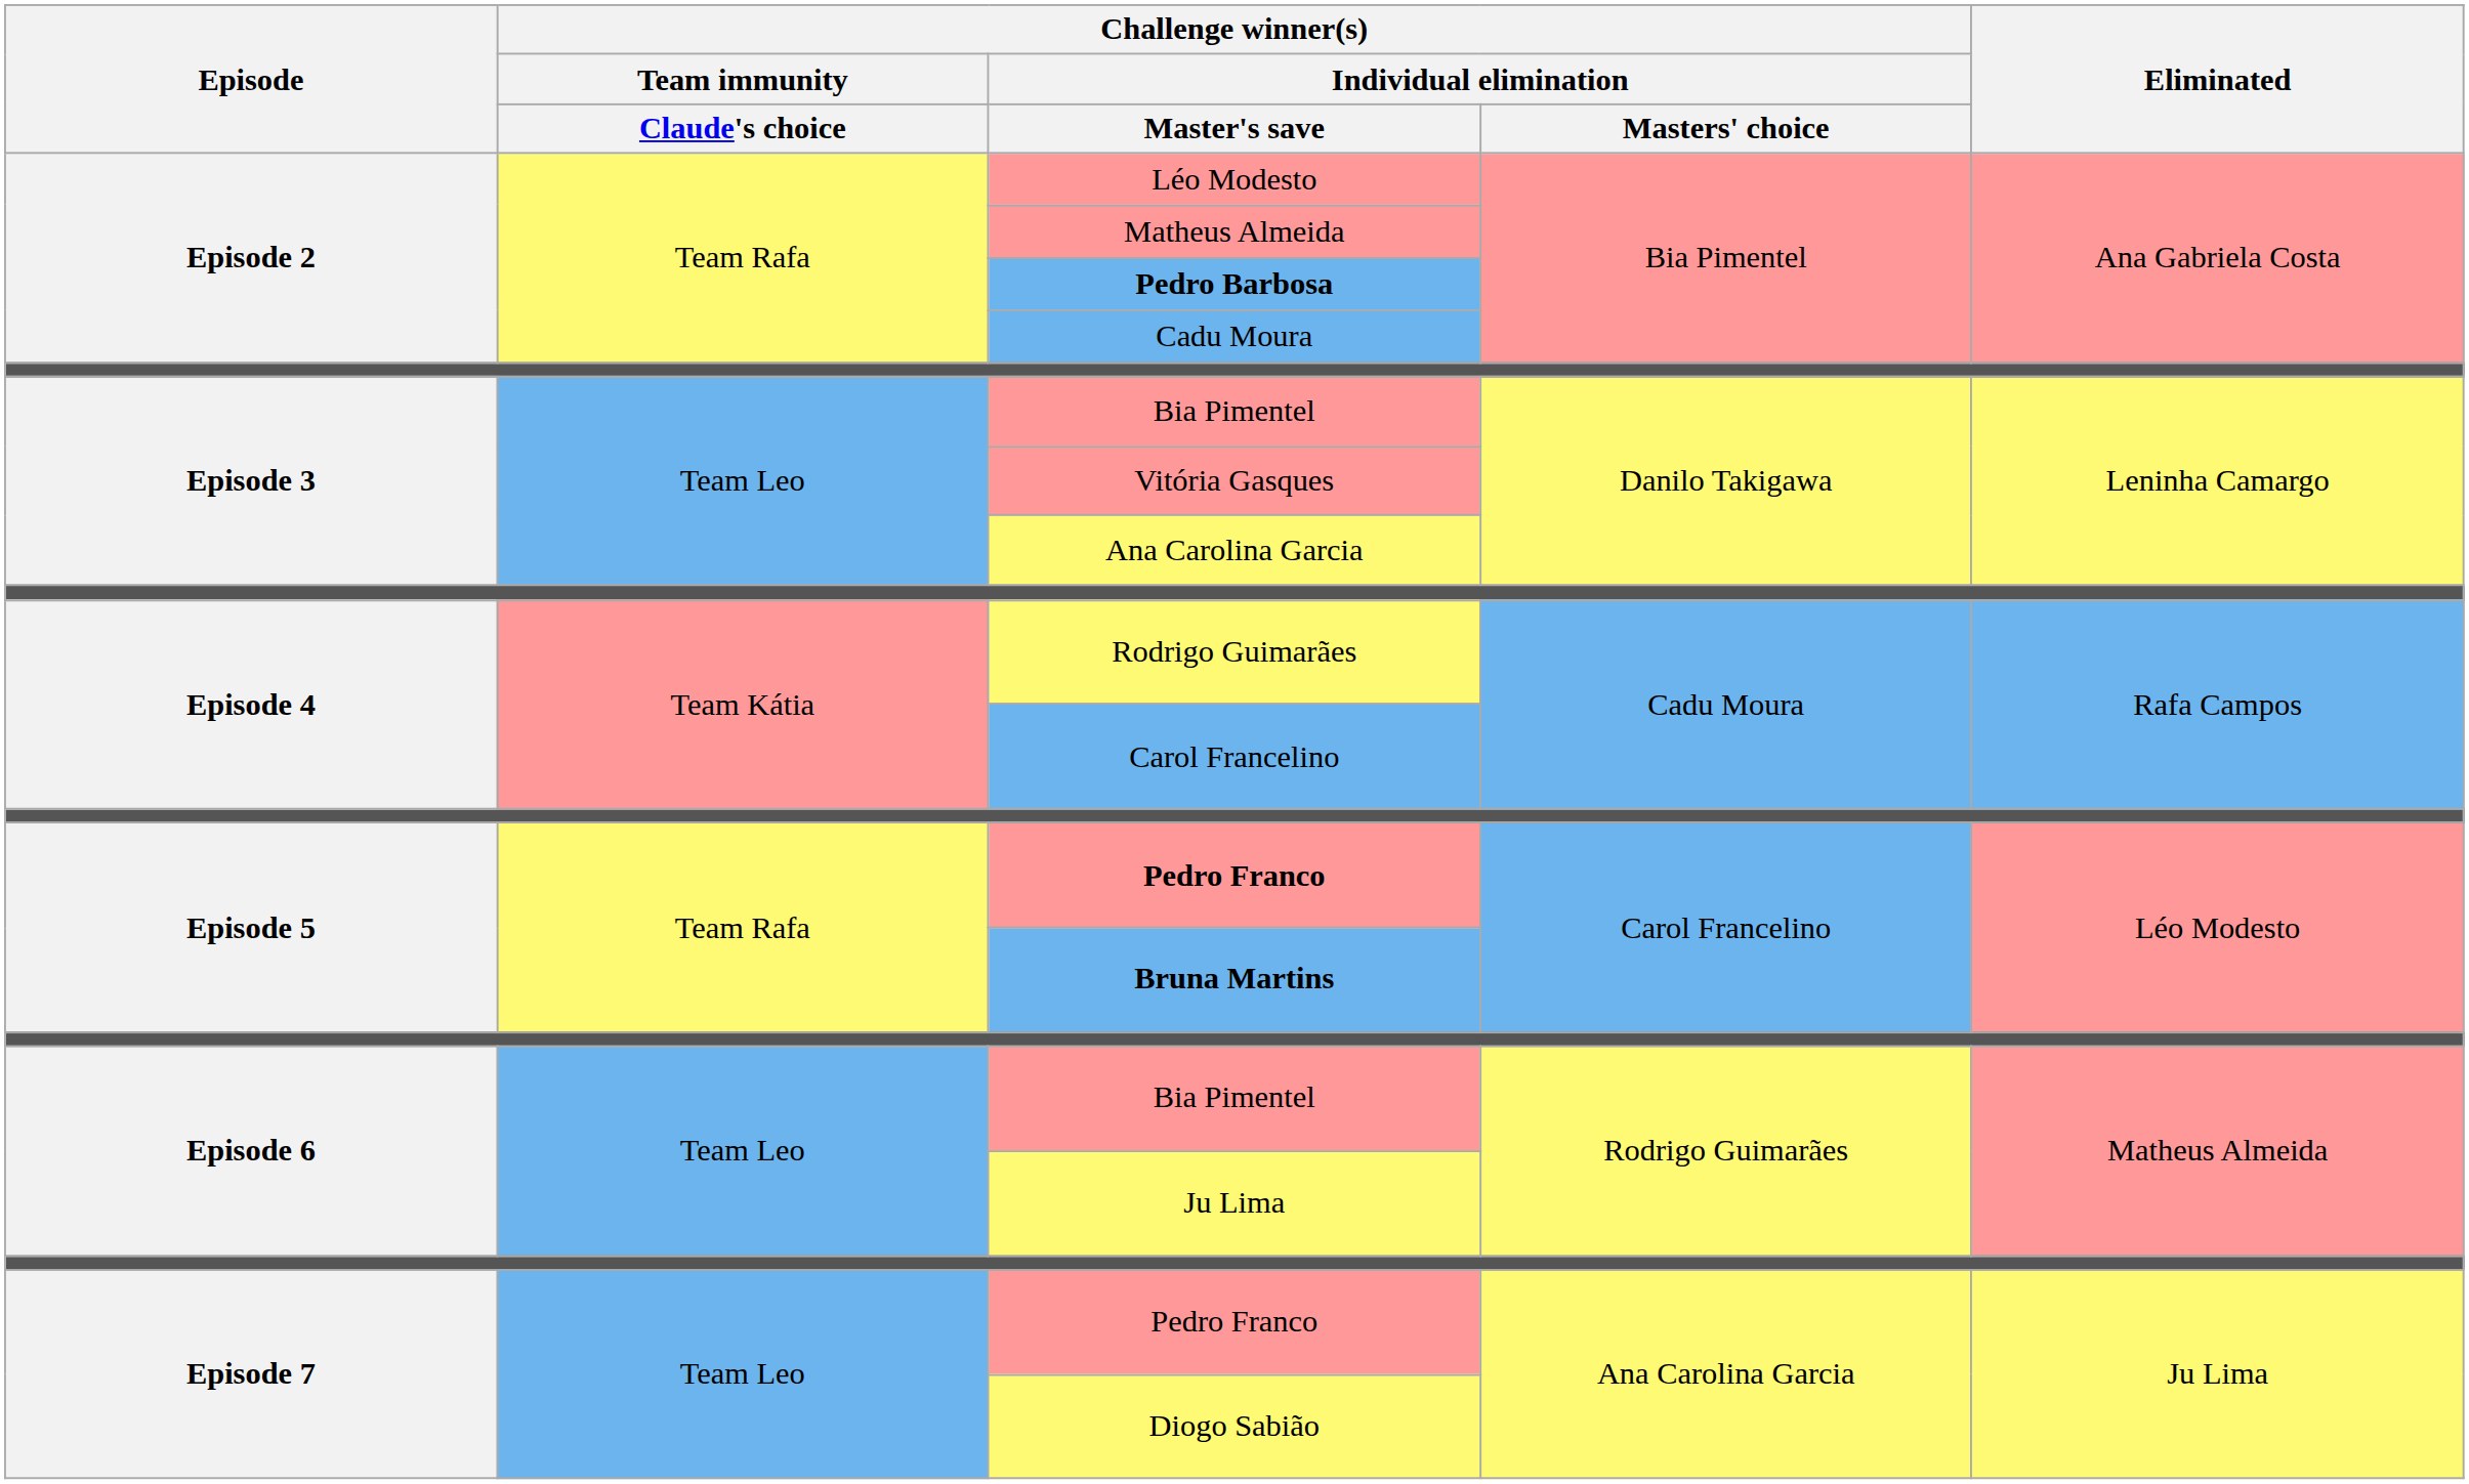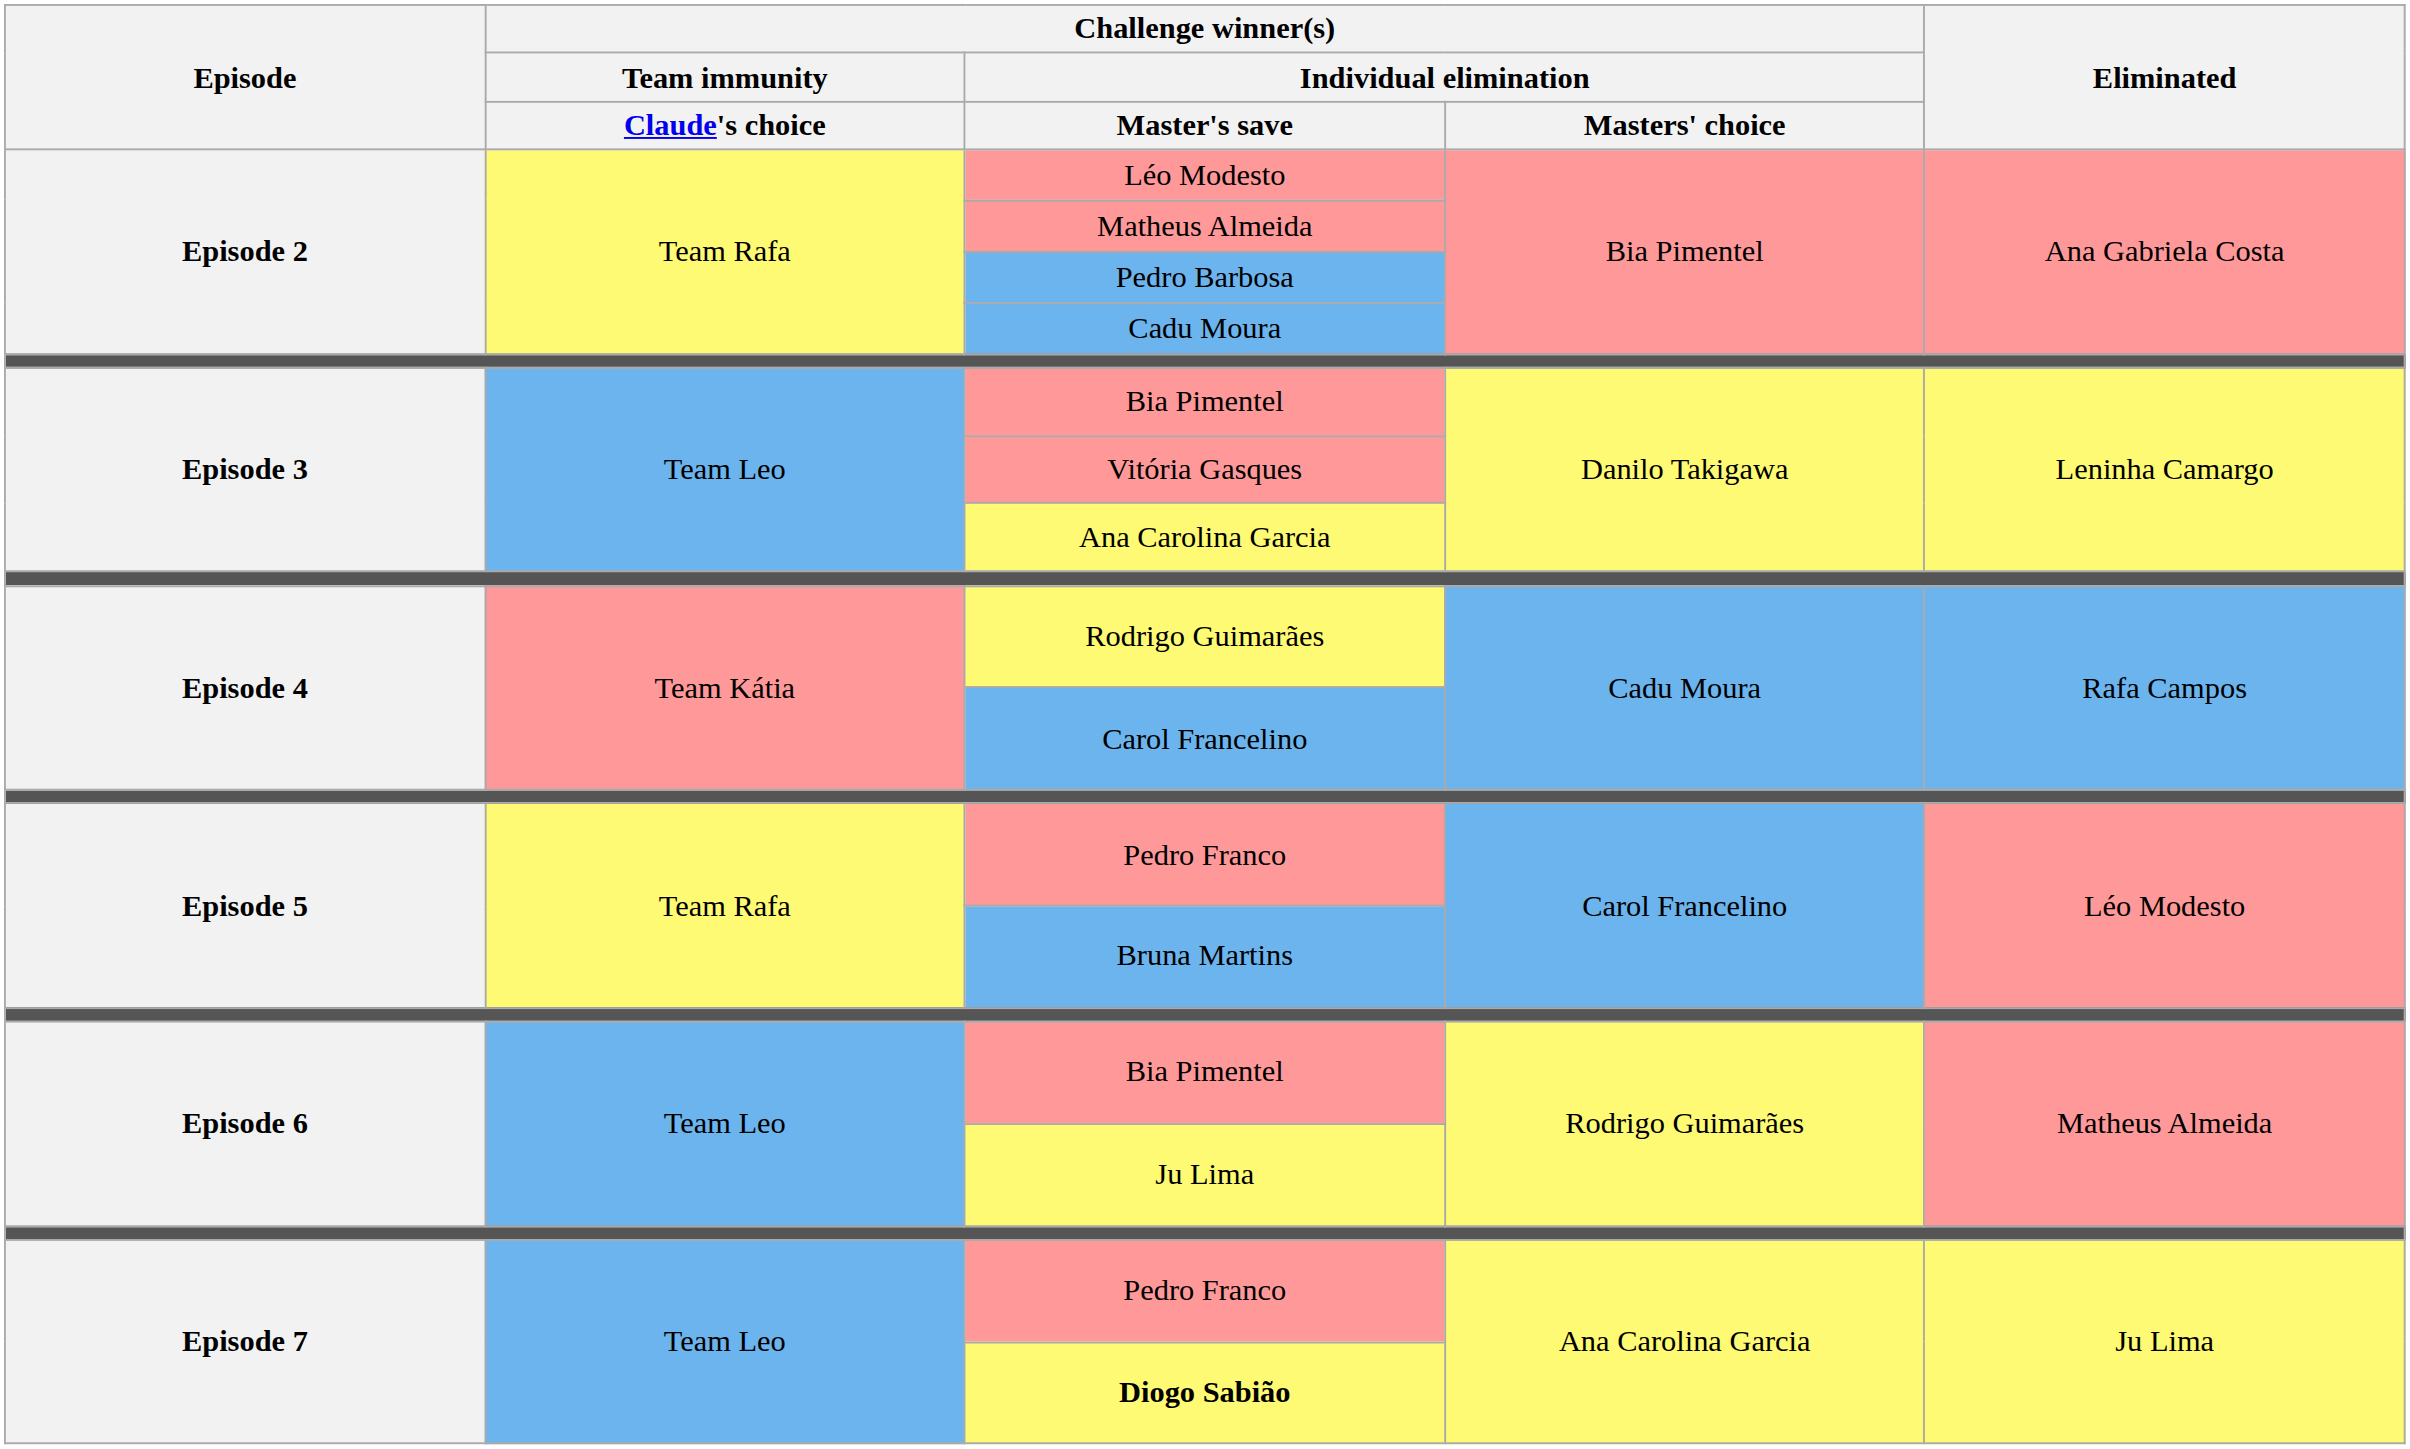 <table class="wikitable" style="text-align:center; width:100%;">
 <tr>
 <th scope="col" width="20.0%" rowspan=3>Episode</th>
 <th scope="col" width="60.0%" colspan=3>Challenge winner(s)</th>
 <th scope="col" width="20.0%" rowspan=3>Eliminated</th>
 </tr>
 <tr>
 <th scope="col" width="20.0%" colspan=1>Team immunity</th>
 <th scope="col" width="40.0%" colspan=2>Individual elimination</th>
 </tr>
 <tr>
 <th scope="col" width="20.0%"><a href='#'>Claude</a>'s choice</th>
 <th scope="col" width="20.0%">Master's save</th>
 <th scope="col" width="20.0%">Masters' choice</th>
 </tr>
 <tr>
 <th rowspan=4>Episode 2<br></th>
 <td rowspan=4 bgcolor=FFFA73 style="height:100px">Team Rafa</td>
 <td rowspan=1 bgcolor=FF9999>Léo Modesto</td>
 <td rowspan=4 bgcolor=FF9999>Bia Pimentel</td>
 <td rowspan=4 bgcolor=FF9999>Ana Gabriela Costa</td>
 </tr>
 <tr>
 <td rowspan=1 bgcolor=FF9999>Matheus Almeida</td>
 </tr>
 <tr>
-<td rowspan=1 bgcolor=6CB4EE><strong>Pedro Barbosa</strong></td>
+<td rowspan=1 bgcolor=6CB4EE>Pedro Barbosa</td>
 </tr>
 <tr>
 <td rowspan=1 bgcolor=6CB4EE>Cadu Moura</td>
 </tr>
 <tr>
 <td colspan=5 bgcolor=555555></td>
 </tr>
 <tr>
 </tr>
 <tr>
 <th rowspan=3>Episode 3<br></th>
 <td rowspan=3 bgcolor=6CB4EE style="height:100px">Team Leo</td>
 <td rowspan=1 bgcolor=FF9999>Bia Pimentel</td>
 <td rowspan=3 bgcolor=FFFA73>Danilo Takigawa</td>
 <td rowspan=3 bgcolor=FFFA73>Leninha Camargo</td>
 </tr>
 <tr>
 <td rowspan=1 bgcolor=FF9999>Vitória Gasques</td>
 </tr>
 <tr>
 <td rowspan=1 bgcolor=FFFA73>Ana Carolina Garcia</td>
 </tr>
 <tr>
 <td colspan=5 bgcolor=555555></td>
 </tr>
 <tr>
 <th rowspan=2>Episode 4<br></th>
 <td rowspan=2 bgcolor=FF9999 style="height:100px">Team Kátia</td>
 <td rowspan=1 bgcolor=FFFA73>Rodrigo Guimarães</td>
 <td rowspan=2 bgcolor=6CB4EE>Cadu Moura</td>
 <td rowspan=2 bgcolor=6CB4EE>Rafa Campos</td>
 </tr>
 <tr>
 <td rowspan=1 bgcolor=6CB4EE>Carol Francelino</td>
 </tr>
 <tr>
 <td colspan=5 bgcolor=555555></td>
 </tr>
 <tr>
 <th rowspan=2>Episode 5<br></th>
 <td rowspan=2 bgcolor=FFFA73 style="height:100px">Team Rafa</td>
-<td rowspan=1 bgcolor=FF9999><strong>Pedro Franco</strong></td>
+<td rowspan=1 bgcolor=FF9999>Pedro Franco</td>
 <td rowspan=2 bgcolor=6CB4EE>Carol Francelino</td>
 <td rowspan=2 bgcolor=FF9999>Léo Modesto</td>
 </tr>
 <tr>
-<td rowspan=1 bgcolor=6CB4EE><strong>Bruna Martins</strong></td>
+<td rowspan=1 bgcolor=6CB4EE>Bruna Martins</td>
 </tr>
 <tr>
 <td colspan=5 bgcolor=555555></td>
 </tr>
 <tr>
 <th rowspan=2>Episode 6<br></th>
 <td rowspan=2 bgcolor=6CB4EE style="height:100px">Team Leo</td>
 <td rowspan=1 bgcolor=FF9999>Bia Pimentel</td>
 <td rowspan=2 bgcolor=FFFA73>Rodrigo Guimarães</td>
 <td rowspan=2 bgcolor=FF9999>Matheus Almeida</td>
 </tr>
 <tr>
 <td rowspan=1 bgcolor=FFFA73>Ju Lima</td>
 </tr>
 <tr>
 <td colspan=5 bgcolor=555555></td>
 </tr>
 <tr>
 <th rowspan=2>Episode 7<br></th>
 <td rowspan=2 bgcolor=6CB4EE style="height:100px">Team Leo</td>
 <td rowspan=1 bgcolor=FF9999>Pedro Franco</td>
 <td rowspan=2 bgcolor=FFFA73>Ana Carolina Garcia</td>
 <td rowspan=2 bgcolor=FFFA73>Ju Lima</td>
 </tr>
 <tr>
-<td rowspan=1 bgcolor=FFFA73>Diogo Sabião</td>
+<td rowspan=1 bgcolor=FFFA73><strong>Diogo Sabião</strong></td>
 </tr>
 </table>
